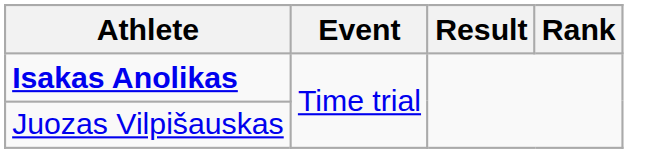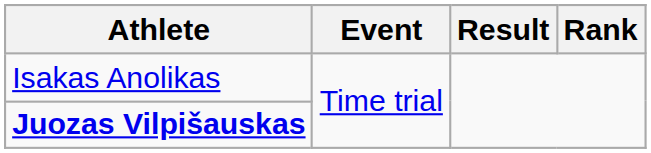 <table class=wikitable style="font-size:90%">
 <tr>
 <th>Athlete</th>
 <th>Event</th>
 <th>Result</th>
 <th>Rank</th>
 </tr>
 <tr>
-<td><strong><a href='#'>Isakas Anolikas</a></strong></td>
+<td><a href='#'>Isakas Anolikas</a></td>
 <td rowspan=2><a href='#'>Time trial</a></td>
 <td align=center rowspan=2 colspan=2></td>
 </tr>
 <tr>
-<td><a href='#'>Juozas Vilpišauskas</a></td>
+<td><strong><a href='#'>Juozas Vilpišauskas</a></strong></td>
 </tr>
 </table>
